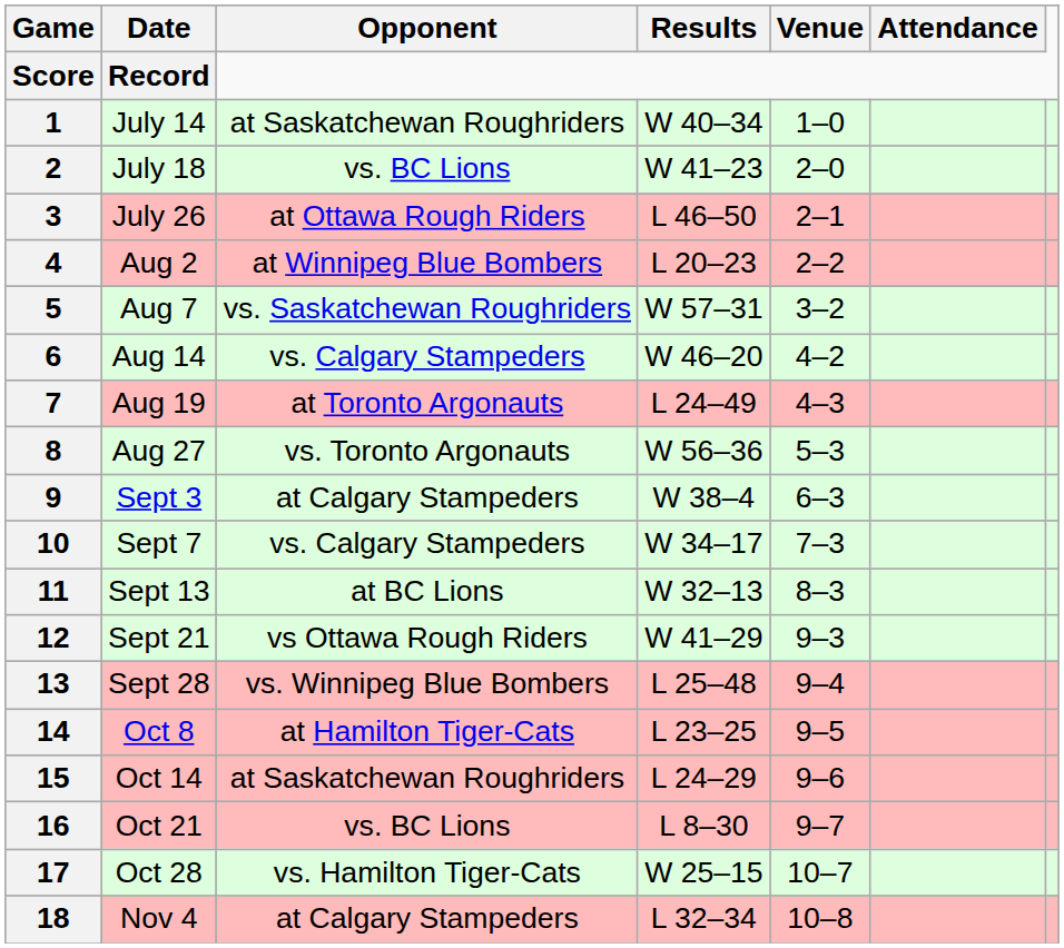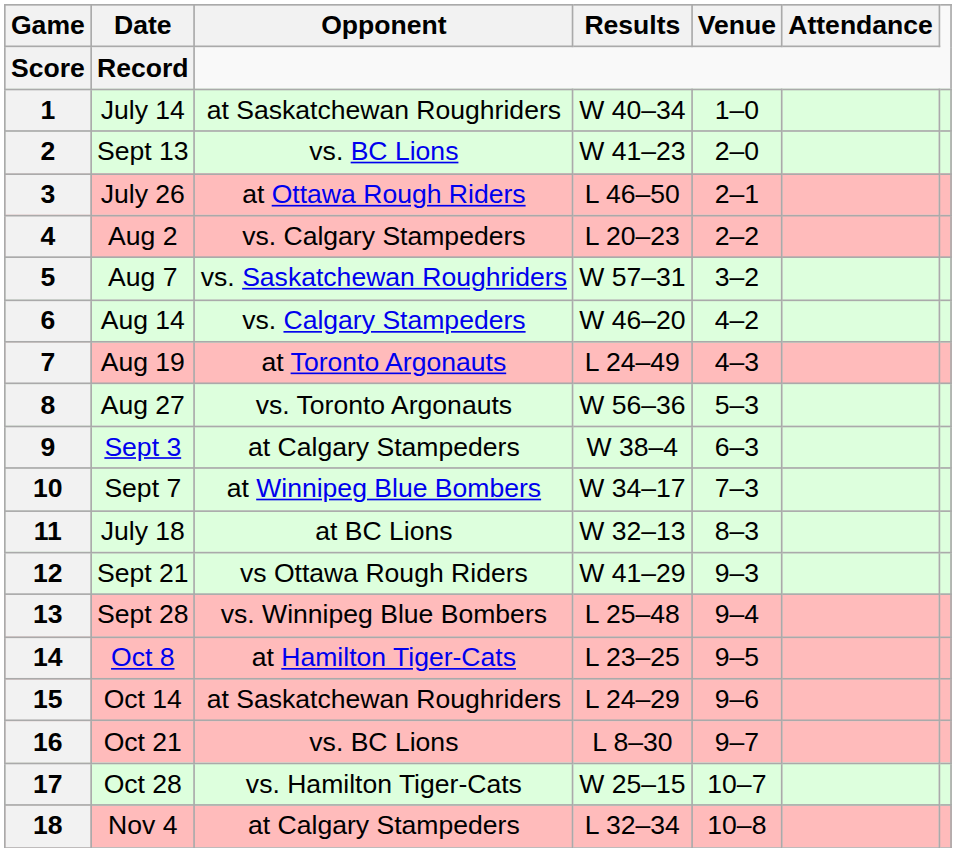 <table class="wikitable" style="text-align:center">
 <tr>
 <th>Game</th>
 <th>Date</th>
 <th>Opponent</th>
 <th>Results</th>
 <th>Venue</th>
 <th>Attendance</th>
 </tr>
 <tr>
 <th>Score</th>
 <th>Record</th>
 </tr>
 <tr style="background:#ddffdd">
 <th>1</th>
 <td>July 14</td>
 <td>at Saskatchewan Roughriders</td>
 <td>W 40–34</td>
 <td>1–0</td>
 <td></td>
 <td></td>
 </tr>
 <tr style="background:#ddffdd">
 <th>2</th>
-<td>July 18</td>
+<td>Sept 13</td>
 <td>vs. <a href='#'>BC Lions</a></td>
 <td>W 41–23</td>
 <td>2–0</td>
 <td></td>
 <td></td>
 </tr>
 <tr style="background:#ffbbbb">
 <th>3</th>
 <td>July 26</td>
 <td>at <a href='#'>Ottawa Rough Riders</a></td>
 <td>L 46–50</td>
 <td>2–1</td>
 <td></td>
 <td></td>
 </tr>
 <tr style="background:#ffbbbb">
 <th>4</th>
 <td>Aug 2</td>
-<td>at <a href='#'>Winnipeg Blue Bombers</a></td>
+<td>vs. Calgary Stampeders</td>
 <td>L 20–23</td>
 <td>2–2</td>
 <td></td>
 <td></td>
 </tr>
 <tr style="background:#ddffdd">
 <th>5</th>
 <td>Aug 7</td>
 <td>vs. <a href='#'>Saskatchewan Roughriders</a></td>
 <td>W 57–31</td>
 <td>3–2</td>
 <td></td>
 <td></td>
 </tr>
 <tr style="background:#ddffdd">
 <th>6</th>
 <td>Aug 14</td>
 <td>vs. <a href='#'>Calgary Stampeders</a></td>
 <td>W 46–20</td>
 <td>4–2</td>
 <td></td>
 <td></td>
 </tr>
 <tr style="background:#ffbbbb">
 <th>7</th>
 <td>Aug 19</td>
 <td>at <a href='#'>Toronto Argonauts</a></td>
 <td>L 24–49</td>
 <td>4–3</td>
 <td></td>
 <td></td>
 </tr>
 <tr style="background:#ddffdd">
 <th>8</th>
 <td>Aug 27</td>
 <td>vs. Toronto Argonauts</td>
 <td>W 56–36</td>
 <td>5–3</td>
 <td></td>
 <td></td>
 </tr>
 <tr style="background:#ddffdd">
 <th>9</th>
 <td><a href='#'>Sept 3</a></td>
 <td>at Calgary Stampeders</td>
 <td>W 38–4</td>
 <td>6–3</td>
 <td></td>
 <td></td>
 </tr>
 <tr style="background:#ddffdd">
 <th>10</th>
 <td>Sept 7</td>
-<td>vs. Calgary Stampeders</td>
+<td>at <a href='#'>Winnipeg Blue Bombers</a></td>
 <td>W 34–17</td>
 <td>7–3</td>
 <td></td>
 <td></td>
 </tr>
 <tr style="background:#ddffdd">
 <th>11</th>
-<td>Sept 13</td>
+<td>July 18</td>
 <td>at BC Lions</td>
 <td>W 32–13</td>
 <td>8–3</td>
 <td></td>
 <td></td>
 </tr>
 <tr style="background:#ddffdd">
 <th>12</th>
 <td>Sept 21</td>
 <td>vs Ottawa Rough Riders</td>
 <td>W 41–29</td>
 <td>9–3</td>
 <td></td>
 <td></td>
 </tr>
 <tr style="background:#ffbbbb">
 <th>13</th>
 <td>Sept 28</td>
 <td>vs. Winnipeg Blue Bombers</td>
 <td>L 25–48</td>
 <td>9–4</td>
 <td></td>
 <td></td>
 </tr>
 <tr style="background:#ffbbbb">
 <th>14</th>
 <td><a href='#'>Oct 8</a></td>
 <td>at <a href='#'>Hamilton Tiger-Cats</a></td>
 <td>L 23–25</td>
 <td>9–5</td>
 <td></td>
 <td></td>
 </tr>
 <tr style="background:#ffbbbb">
 <th>15</th>
 <td>Oct 14</td>
 <td>at Saskatchewan Roughriders</td>
 <td>L 24–29</td>
 <td>9–6</td>
 <td></td>
 <td></td>
 </tr>
 <tr style="background:#ffbbbb">
 <th>16</th>
 <td>Oct 21</td>
 <td>vs. BC Lions</td>
 <td>L 8–30</td>
 <td>9–7</td>
 <td></td>
 <td></td>
 </tr>
 <tr style="background:#ddffdd">
 <th>17</th>
 <td>Oct 28</td>
 <td>vs. Hamilton Tiger-Cats</td>
 <td>W 25–15</td>
 <td>10–7</td>
 <td></td>
 <td></td>
 </tr>
 <tr style="background:#ffbbbb">
 <th>18</th>
 <td>Nov 4</td>
 <td>at Calgary Stampeders</td>
 <td>L 32–34</td>
 <td>10–8</td>
 <td></td>
 <td></td>
 </tr>
 </table>
